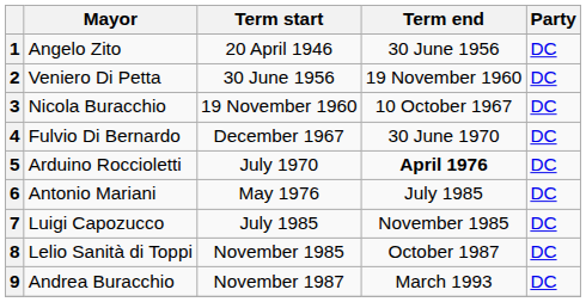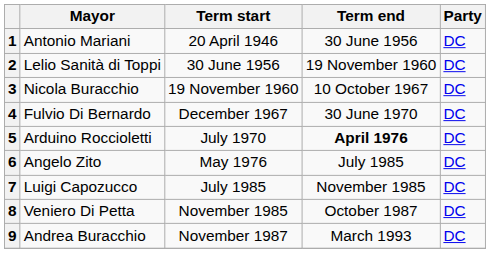 <table class="wikitable">
 <tr>
 <th class=unsortable> </th>
 <th>Mayor</th>
 <th>Term start</th>
 <th>Term end</th>
 <th>Party</th>
 </tr>
 <tr>
 <th style="background:">1</th>
-<td>Angelo Zito</td>
+<td>Antonio Mariani</td>
 <td align=center>20 April 1946</td>
 <td align=center>30 June 1956</td>
 <td><a href='#'>DC</a></td>
 </tr>
 <tr>
 <th style="background:">2</th>
-<td>Veniero Di Petta</td>
+<td>Lelio Sanità di Toppi</td>
 <td align=center>30 June 1956</td>
 <td align=center>19 November 1960</td>
 <td><a href='#'>DC</a></td>
 </tr>
 <tr>
 <th style="background:">3</th>
 <td>Nicola Buracchio</td>
 <td align=center>19 November 1960</td>
 <td align=center>10 October 1967</td>
 <td><a href='#'>DC</a></td>
 </tr>
 <tr>
 <th style="background:">4</th>
 <td>Fulvio Di Bernardo</td>
 <td align=center>December 1967</td>
 <td align=center>30 June 1970</td>
 <td><a href='#'>DC</a></td>
 </tr>
 <tr>
 <th style="background:">5</th>
 <td>Arduino Roccioletti</td>
 <td align=center>July 1970</td>
 <td align=center><strong>April 1976</strong></td>
 <td><a href='#'>DC</a></td>
 </tr>
 <tr>
 <th style="background:">6</th>
-<td>Antonio Mariani</td>
+<td>Angelo Zito</td>
 <td align=center>May 1976</td>
 <td align=center>July 1985</td>
 <td><a href='#'>DC</a></td>
 </tr>
 <tr>
 <th style="background:">7</th>
 <td>Luigi Capozucco</td>
 <td align=center>July 1985</td>
 <td align=center>November 1985</td>
 <td><a href='#'>DC</a></td>
 </tr>
 <tr>
 <th style="background:">8</th>
-<td>Lelio Sanità di Toppi</td>
+<td>Veniero Di Petta</td>
 <td align=center>November 1985</td>
 <td align=center>October 1987</td>
 <td><a href='#'>DC</a></td>
 </tr>
 <tr>
 <th style="background:">9</th>
 <td>Andrea Buracchio</td>
 <td align=center>November 1987</td>
 <td align=center>March 1993</td>
 <td><a href='#'>DC</a></td>
 </tr>
 <tr>
 </tr>
 </table>
